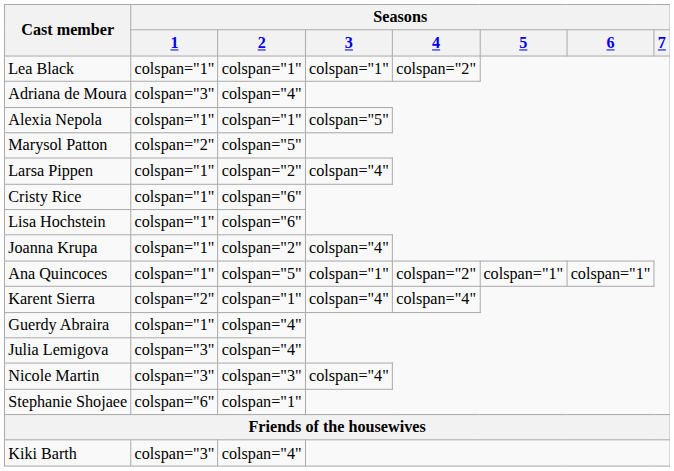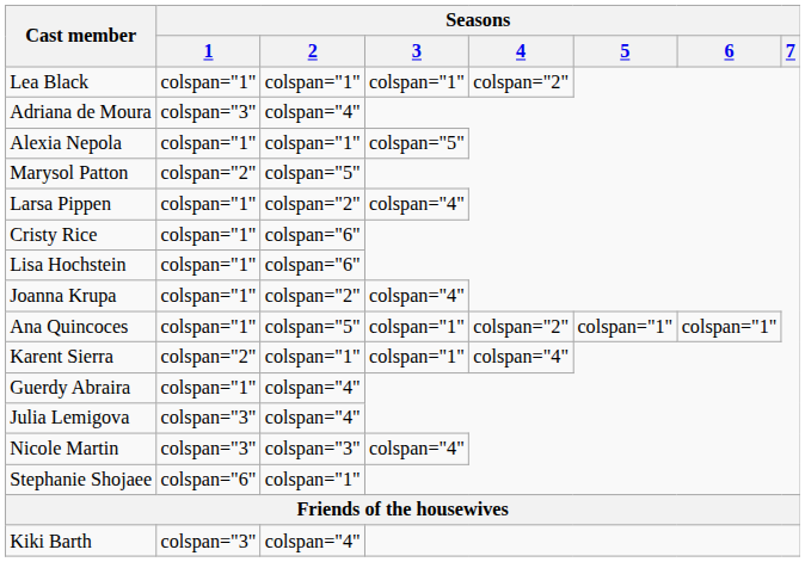 <table class="wikitable plainrowheaders" style="width:80%;">
 <tr>
 <th rowspan="2" style="width:30%;">Cast member</th>
 <th colspan="7">Seasons</th>
 </tr>
 <tr>
 <th style="width:10%;"><a href='#'>1</a></th>
 <th style="width:10%;"><a href='#'>2</a></th>
 <th style="width:10%;"><a href='#'>3</a></th>
 <th style="width:10%;"><a href='#'>4</a></th>
 <th style="width:10%;"><a href='#'>5</a></th>
 <th style="width:10%;"><a href='#'>6</a></th>
 <th style="width:10%;"><a href='#'>7</a></th>
 </tr>
 <tr>
 <td>Lea Black</td>
 <td>colspan="1" </td>
 <td>colspan="1" </td>
 <td>colspan="1" </td>
 <td>colspan="2" </td>
 </tr>
 <tr>
 <td nowrap>Adriana de Moura</td>
 <td>colspan="3" </td>
 <td>colspan="4" </td>
 </tr>
 <tr>
 <td>Alexia Nepola</td>
 <td>colspan="1" </td>
 <td>colspan="1" </td>
 <td>colspan="5" </td>
 </tr>
 <tr>
 <td>Marysol Patton</td>
 <td>colspan="2" </td>
 <td>colspan="5" </td>
 </tr>
 <tr>
 <td>Larsa Pippen</td>
 <td>colspan="1" </td>
 <td>colspan="2" </td>
 <td>colspan="4" </td>
 </tr>
 <tr>
 <td>Cristy Rice</td>
 <td>colspan="1" </td>
 <td>colspan="6" </td>
 </tr>
 <tr>
 <td>Lisa Hochstein</td>
 <td>colspan="1" </td>
 <td>colspan="6" </td>
 </tr>
 <tr>
 <td>Joanna Krupa</td>
 <td>colspan="1" </td>
 <td>colspan="2" </td>
 <td>colspan="4" </td>
 </tr>
 <tr>
 <td>Ana Quincoces</td>
 <td>colspan="1" </td>
 <td>colspan="5" </td>
 <td>colspan="1" </td>
 <td>colspan="2" </td>
 <td>colspan="1" </td>
 <td>colspan="1" </td>
 </tr>
 <tr>
 <td>Karent Sierra</td>
 <td>colspan="2" </td>
 <td>colspan="1" </td>
-<td>colspan="4" </td>
+<td>colspan="1" </td>
 <td>colspan="4" </td>
 </tr>
 <tr>
 <td>Guerdy Abraira</td>
 <td>colspan="1" </td>
 <td>colspan="4" </td>
 </tr>
 <tr>
 <td>Julia Lemigova</td>
 <td>colspan="3" </td>
 <td>colspan="4" </td>
 </tr>
 <tr>
 <td>Nicole Martin</td>
 <td>colspan="3" </td>
 <td>colspan="3" </td>
 <td>colspan="4" </td>
 </tr>
 <tr>
 <td nowrap>Stephanie Shojaee</td>
 <td>colspan="6" </td>
 <td>colspan="1" </td>
 </tr>
 <tr>
 <th colspan="8">Friends of the housewives</th>
 </tr>
 <tr>
 <td>Kiki Barth</td>
 <td>colspan="3" </td>
 <td>colspan="4" </td>
 </tr>
 </table>
